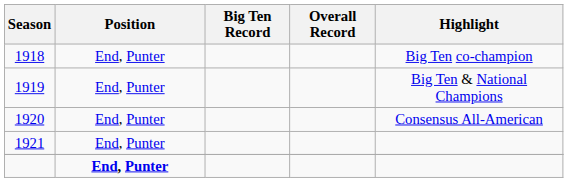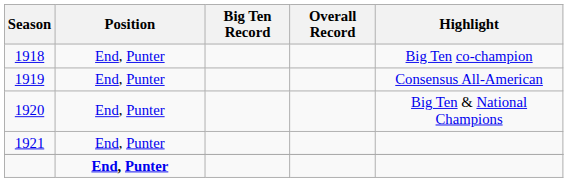 <table class="wikitable sortable" style="text-align:center">
 <tr>
 <th width=40px>Season</th>
 <th width=200px>Position</th>
 <th width=100px>Big Ten <br>Record</th>
 <th width=100px>Overall <br>Record</th>
 <th width=250px>Highlight</th>
 </tr>
 <tr>
 <td><a href='#'>1918</a></td>
 <td><a href='#'>End</a>, <a href='#'>Punter</a></td>
 <td></td>
 <td></td>
 <td><a href='#'>Big Ten</a> <a href='#'>co-champion</a></td>
 </tr>
 <tr>
 <td><a href='#'>1919</a></td>
 <td><a href='#'>End</a>, <a href='#'>Punter</a></td>
 <td></td>
 <td></td>
-<td><a href='#'>Big Ten</a> & <a href='#'>National Champions</a></td>
+<td><a href='#'>Consensus All-American</a></td>
 </tr>
 <tr>
 <td><a href='#'>1920</a></td>
 <td><a href='#'>End</a>, <a href='#'>Punter</a></td>
 <td></td>
 <td></td>
-<td><a href='#'>Consensus All-American</a></td>
+<td><a href='#'>Big Ten</a> & <a href='#'>National Champions</a></td>
 </tr>
 <tr>
 <td><a href='#'>1921</a></td>
 <td><a href='#'>End</a>, <a href='#'>Punter</a></td>
 <td></td>
 <td></td>
 <td></td>
 </tr>
 <tr>
 </tr>
 <tr class="sortbottom">
 <td></td>
 <td><strong><a href='#'>End</a>, <a href='#'>Punter</a></strong></td>
 <td></td>
 <td></td>
 <td></td>
 </tr>
 </table>
